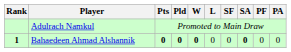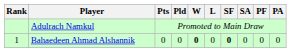 <table class=wikitable style="text-align:center; font-size:90%">
 <tr>
 <th width="20">Rank</th>
 <th width="200">Player</th>
 <th width="20">Pts</th>
 <th width="20">Pld</th>
 <th width="20">W</th>
 <th width="20">L</th>
 <th width="20">SF</th>
 <th width="20">SA</th>
 <th width="20">PF</th>
 <th width="20">PA</th>
 </tr>
 <tr bgcolor="#ccffcc">
 <td></td>
 <td style="text-align:left"> <a href='#'>Adulrach Namkul</a></td>
 <td bgcolor="#ccffcc" colspan="8"><em>Promoted to Main Draw</em></td>
 </tr>
 <tr bgcolor="#ccffcc">
-<td><strong>1</strong></td>
+<td>1</td>
 <td style="text-align:left"> <a href='#'>Bahaedeen Ahmad Alshannik</a></td>
-<td><strong>0</strong></td>
-<td><strong>0</strong></td>
-<td><strong>0</strong></td>
 <td>0</td>
 <td>0</td>
 <td><strong>0</strong></td>
 <td>0</td>
+<td><strong>0</strong></td>
+<td>0</td>
+<td>0</td>
 <td>0</td>
 </tr>
 </table>
